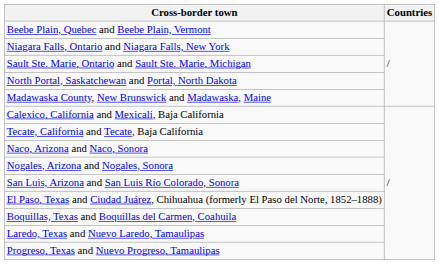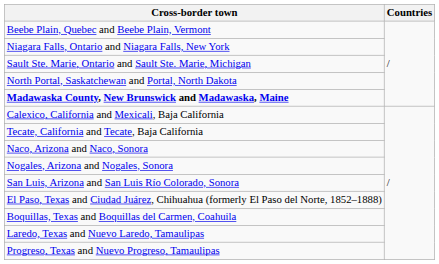 <table class="wikitable">
 <tr>
 <th>Cross-border town</th>
 <th>Countries</th>
 </tr>
 <tr>
 <td><a href='#'>Beebe Plain, Quebec</a>  and  <a href='#'>Beebe Plain, Vermont</a></td>
 <td rowspan="5"> / </td>
 </tr>
 <tr>
 <td><a href='#'>Niagara Falls, Ontario</a>  and  <a href='#'>Niagara Falls, New York</a></td>
 </tr>
 <tr>
 <td><a href='#'>Sault Ste. Marie, Ontario</a>  and  <a href='#'>Sault Ste. Marie, Michigan</a></td>
 </tr>
 <tr>
 <td><a href='#'>North Portal, Saskatchewan</a>  and  <a href='#'>Portal, North Dakota</a></td>
 </tr>
 <tr>
-<td><a href='#'>Madawaska County</a>, <a href='#'>New Brunswick</a>  and  <a href='#'>Madawaska</a>, <a href='#'>Maine</a></td>
+<td><strong><a href='#'>Madawaska County</a>, <a href='#'>New Brunswick</a>  and  <a href='#'>Madawaska</a>, <a href='#'>Maine</a></strong></td>
 </tr>
 <tr>
 <td><a href='#'>Calexico, California</a>  and  <a href='#'>Mexicali</a>, Baja California</td>
 <td rowspan="9"> / </td>
 </tr>
 <tr>
 <td><a href='#'>Tecate, California</a>  and  <a href='#'>Tecate</a>, Baja California</td>
 </tr>
 <tr>
 <td><a href='#'>Naco, Arizona</a>  and  <a href='#'>Naco, Sonora</a></td>
 </tr>
 <tr>
 <td><a href='#'>Nogales, Arizona</a>  and  <a href='#'>Nogales, Sonora</a></td>
 </tr>
 <tr>
 <td><a href='#'>San Luis, Arizona</a>  and  <a href='#'>San Luis Río Colorado, Sonora</a></td>
 </tr>
 <tr>
 <td><a href='#'>El Paso, Texas</a>  and  <a href='#'>Ciudad Juárez</a>, Chihuahua (formerly El Paso del Norte, 1852–1888)</td>
 </tr>
 <tr>
 <td><a href='#'>Boquillas, Texas</a>  and  <a href='#'>Boquillas del Carmen, Coahuila</a></td>
 </tr>
 <tr>
 <td><a href='#'>Laredo, Texas</a>  and  <a href='#'>Nuevo Laredo, Tamaulipas</a></td>
 </tr>
 <tr>
 <td><a href='#'>Progreso, Texas</a>  and  <a href='#'>Nuevo Progreso, Tamaulipas</a></td>
 </tr>
 </table>
